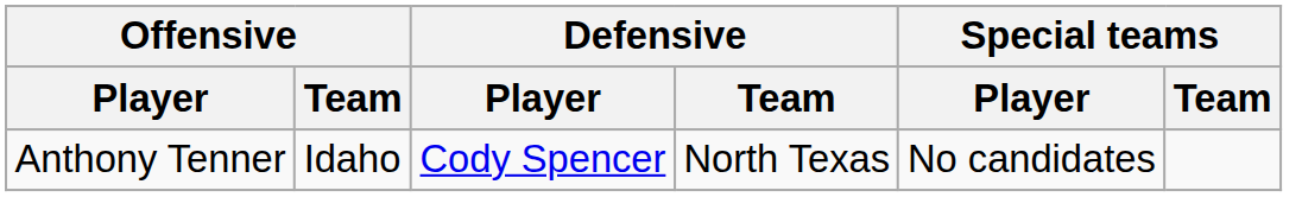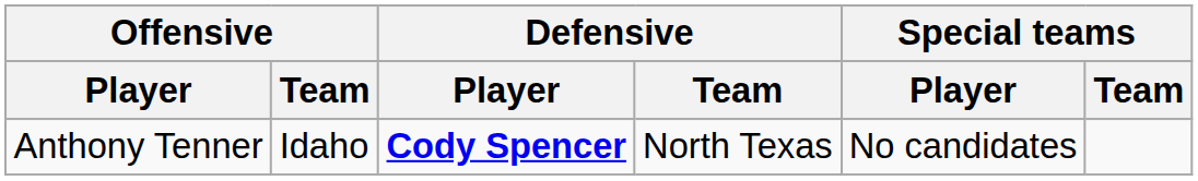 <table class="wikitable">
 <tr>
 <th colspan="2">Offensive</th>
 <th colspan="2">Defensive</th>
 <th colspan="2">Special teams</th>
 </tr>
 <tr>
 <th>Player</th>
 <th>Team</th>
 <th>Player</th>
 <th>Team</th>
 <th>Player</th>
 <th>Team</th>
 </tr>
 <tr>
 <td>Anthony Tenner</td>
 <td>Idaho</td>
-<td><a href='#'>Cody Spencer</a></td>
+<td><strong><a href='#'>Cody Spencer</a></strong></td>
 <td>North Texas</td>
 <td>No candidates</td>
 <td></td>
 </tr>
 </table>
